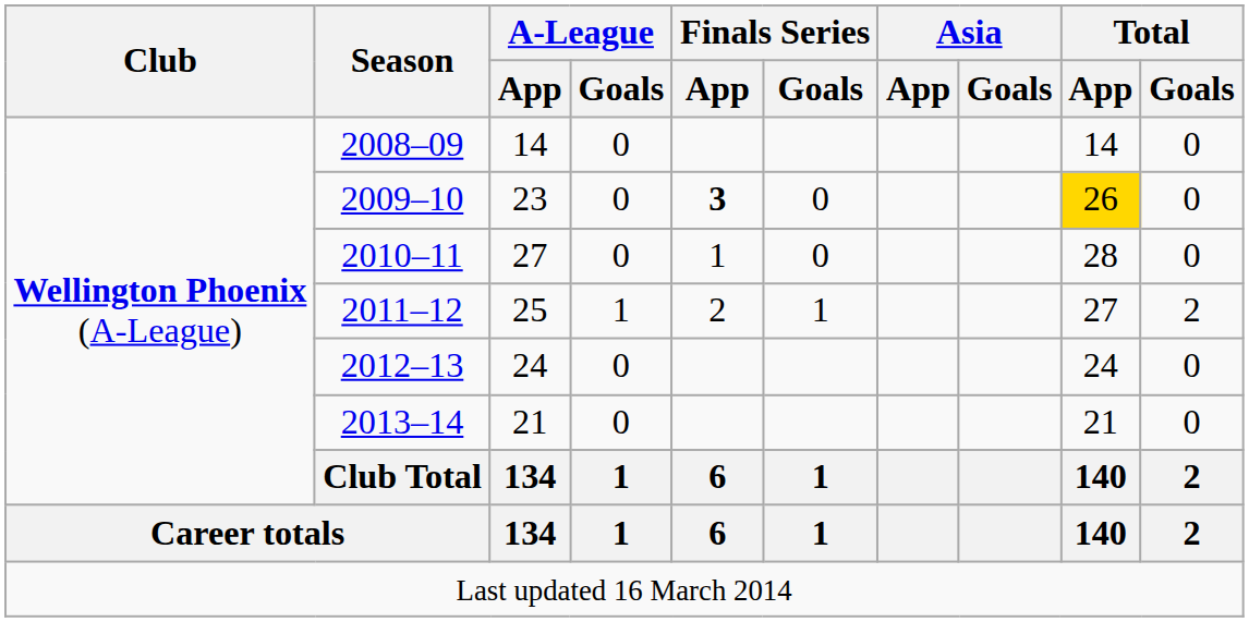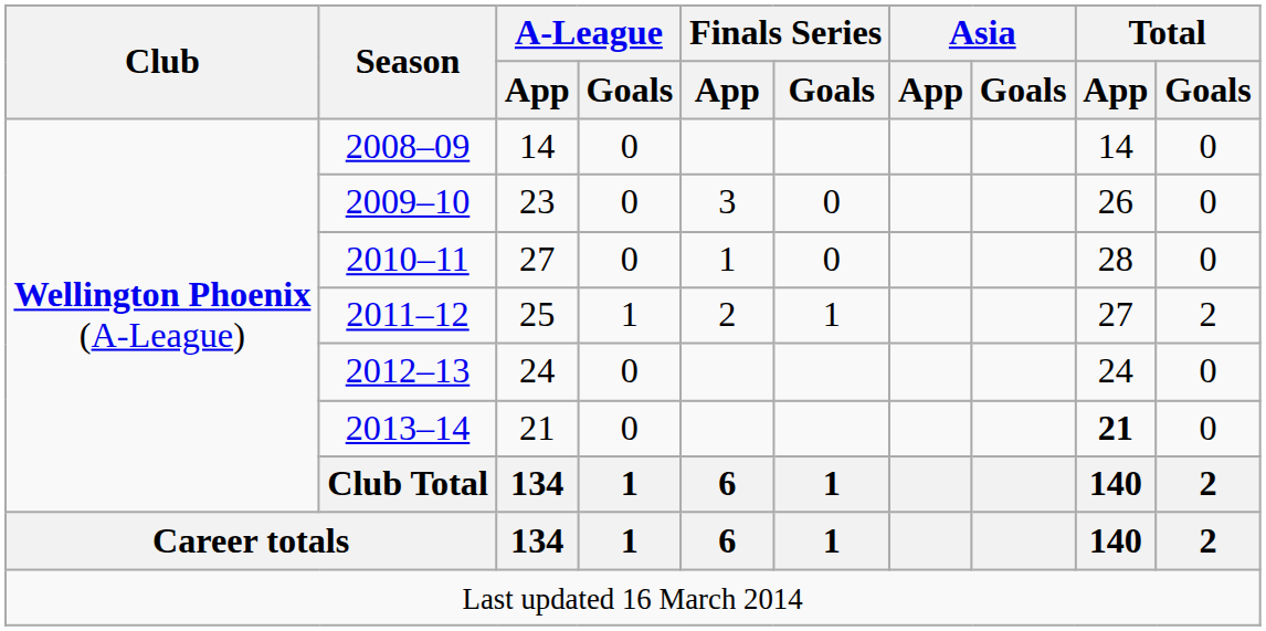 <table class="wikitable" style="text-align: center;">
 <tr>
 <th rowspan="2">Club</th>
 <th rowspan="2">Season</th>
 <th colspan="2"><a href='#'>A-League</a></th>
 <th colspan="2">Finals Series</th>
 <th colspan="2"><a href='#'>Asia</a></th>
 <th colspan="2">Total</th>
 </tr>
 <tr>
 <th>App</th>
 <th>Goals</th>
 <th>App</th>
 <th>Goals</th>
 <th>App</th>
 <th>Goals</th>
 <th>App</th>
 <th>Goals</th>
 </tr>
 <tr>
 <td rowspan="7" align=center valign=center><strong><a href='#'>Wellington Phoenix</a></strong><br>(<a href='#'>A-League</a>)</td>
 <td align="center"><a href='#'>2008–09</a></td>
 <td align="center">14</td>
 <td align="center">0</td>
 <td align="center"></td>
 <td align="center"></td>
 <td align="center"></td>
 <td align="center"></td>
 <td align="center">14</td>
 <td align="center">0</td>
 </tr>
 <tr>
 <td align="center"><a href='#'>2009–10</a></td>
 <td align="center">23</td>
 <td align="center">0</td>
-<td align="center"><strong>3</strong></td>
+<td align="center">3</td>
 <td align="center">0</td>
 <td align="center"></td>
 <td align="center"></td>
-<td align="center" style="background: gold;">26</td>
+<td align="center">26</td>
 <td align="center">0</td>
 </tr>
 <tr>
 <td align="center"><a href='#'>2010–11</a></td>
 <td align="center">27</td>
 <td align="center">0</td>
 <td align="center">1</td>
 <td align="center">0</td>
 <td align="center"></td>
 <td align="center"></td>
 <td align="center">28</td>
 <td align="center">0</td>
 </tr>
 <tr>
 <td align="center"><a href='#'>2011–12</a></td>
 <td align="center">25</td>
 <td align="center">1</td>
 <td align="center">2</td>
 <td align="center">1</td>
 <td align="center"></td>
 <td align="center"></td>
 <td align="center">27</td>
 <td align="center">2</td>
 </tr>
 <tr>
 <td align="center"><a href='#'>2012–13</a></td>
 <td align="center">24</td>
 <td align="center">0</td>
 <td align="center"></td>
 <td align="center"></td>
 <td align="center"></td>
 <td align="center"></td>
 <td align="center">24</td>
 <td align="center">0</td>
 </tr>
 <tr>
 <td align="center"><a href='#'>2013–14</a></td>
 <td align="center">21</td>
 <td align="center">0</td>
 <td align="center"></td>
 <td align="center"></td>
 <td align="center"></td>
 <td align="center"></td>
-<td align="center">21</td>
+<td align="center"><strong>21</strong></td>
 <td align="center">0</td>
 </tr>
 <tr>
 <th colspan="1" align="left">Club Total</th>
 <th>134</th>
 <th>1</th>
 <th>6</th>
 <th>1</th>
 <th></th>
 <th></th>
 <th>140</th>
 <th>2</th>
 </tr>
 <tr>
 <th colspan="2" align="left">Career totals</th>
 <th align=center>134</th>
 <th align=center>1</th>
 <th align=center>6</th>
 <th align=center>1</th>
 <th align=center></th>
 <th align=center></th>
 <th align=center>140</th>
 <th align=center>2</th>
 </tr>
 <tr>
 <td colspan="12"><small>Last updated 16 March 2014</small></td>
 </tr>
 </table>
